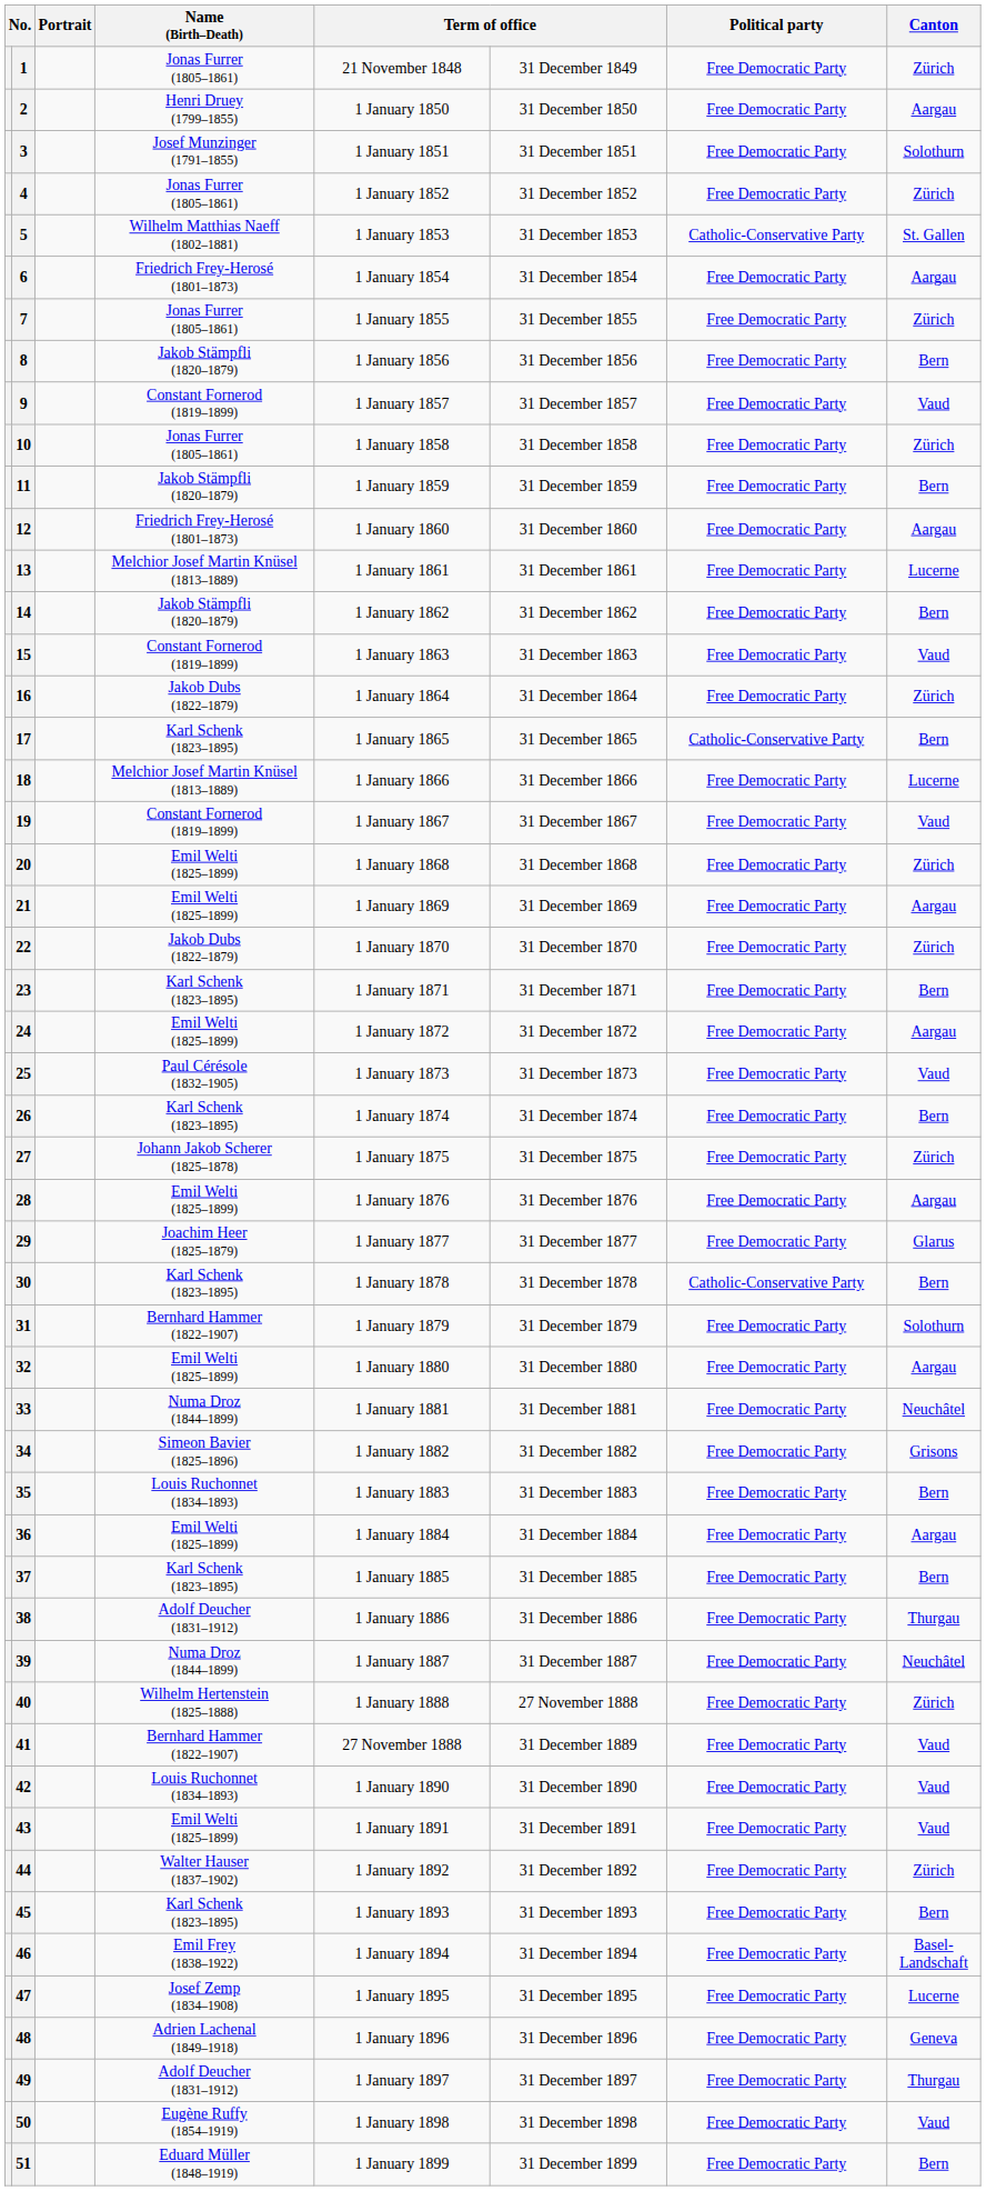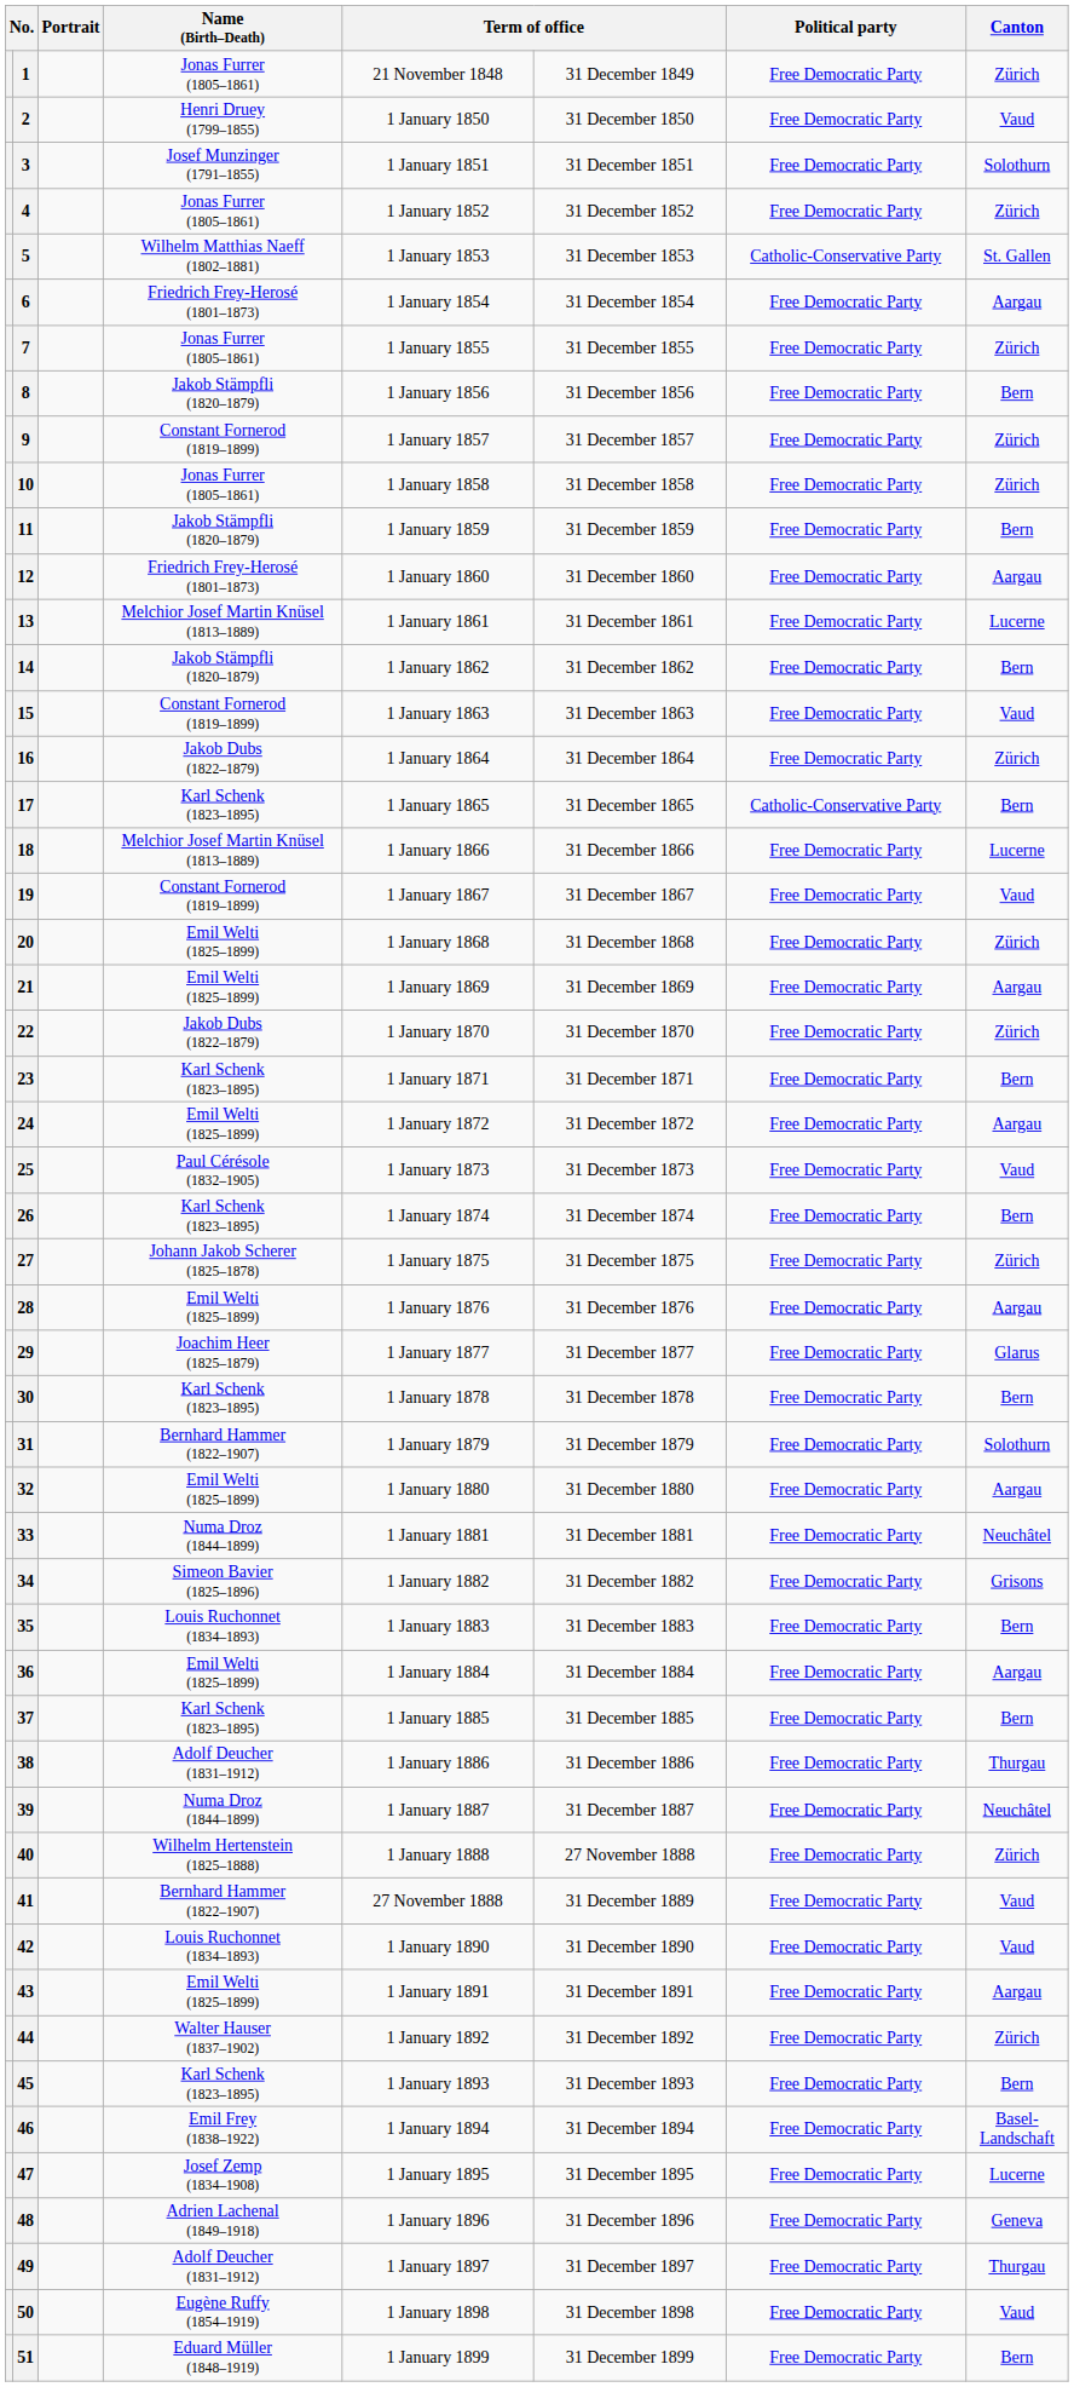 <table class="wikitable" style="width:80%; text-align:center;">
 <tr>
 <th colspan="2" width=20>No.</th>
 <th width=70>Portrait</th>
 <th width=25%>Name<br><small>(Birth–Death)</small></th>
 <th colspan="2" width=40%>Term of office</th>
 <th width=25%>Political party</th>
 <th width=15%><a href='#'>Canton</a></th>
 </tr>
 <tr>
 <th style="background:"></th>
 <th>1</th>
 <td></td>
 <td><a href='#'>Jonas Furrer</a><br><small>(1805–1861)</small></td>
 <td>21 November 1848</td>
 <td>31 December 1849</td>
 <td><a href='#'>Free Democratic Party</a></td>
 <td><a href='#'>Zürich</a></td>
 </tr>
 <tr>
 <th style="background:"></th>
 <th>2</th>
 <td></td>
 <td><a href='#'>Henri Druey</a><br><small>(1799–1855)</small></td>
 <td>1 January 1850</td>
 <td>31 December 1850</td>
 <td><a href='#'>Free Democratic Party</a></td>
-<td><a href='#'>Aargau</a></td>
+<td><a href='#'>Vaud</a></td>
 </tr>
 <tr>
 <th style="background:"></th>
 <th>3</th>
 <td></td>
 <td><a href='#'>Josef Munzinger</a><br><small>(1791–1855)</small></td>
 <td>1 January 1851</td>
 <td>31 December 1851</td>
 <td><a href='#'>Free Democratic Party</a></td>
 <td><a href='#'>Solothurn</a></td>
 </tr>
 <tr>
 <th style="background:"></th>
 <th>4</th>
 <td></td>
 <td><a href='#'>Jonas Furrer</a><br><small>(1805–1861)</small></td>
 <td>1 January 1852</td>
 <td>31 December 1852</td>
 <td><a href='#'>Free Democratic Party</a></td>
 <td><a href='#'>Zürich</a></td>
 </tr>
 <tr>
 <th style="background:"></th>
 <th>5</th>
 <td></td>
 <td><a href='#'>Wilhelm Matthias Naeff</a><br><small>(1802–1881)</small></td>
 <td>1 January 1853</td>
 <td>31 December 1853</td>
 <td><a href='#'>Catholic-Conservative Party</a></td>
 <td><a href='#'>St. Gallen</a></td>
 </tr>
 <tr>
 <th style="background:"></th>
 <th>6</th>
 <td></td>
 <td><a href='#'>Friedrich Frey-Herosé</a><br><small>(1801–1873)</small></td>
 <td>1 January 1854</td>
 <td>31 December 1854</td>
 <td><a href='#'>Free Democratic Party</a></td>
 <td><a href='#'>Aargau</a></td>
 </tr>
 <tr>
 <th style="background:"></th>
 <th>7</th>
 <td></td>
 <td><a href='#'>Jonas Furrer</a><br><small>(1805–1861)</small></td>
 <td>1 January 1855</td>
 <td>31 December 1855</td>
 <td><a href='#'>Free Democratic Party</a></td>
 <td><a href='#'>Zürich</a></td>
 </tr>
 <tr>
 <th style="background:"></th>
 <th>8</th>
 <td></td>
 <td><a href='#'>Jakob Stämpfli</a><br><small>(1820–1879)</small></td>
 <td>1 January 1856</td>
 <td>31 December 1856</td>
 <td><a href='#'>Free Democratic Party</a></td>
 <td><a href='#'>Bern</a></td>
 </tr>
 <tr>
 <th style="background:"></th>
 <th>9</th>
 <td></td>
 <td><a href='#'>Constant Fornerod</a><br><small>(1819–1899)</small></td>
 <td>1 January 1857</td>
 <td>31 December 1857</td>
 <td><a href='#'>Free Democratic Party</a></td>
-<td><a href='#'>Vaud</a></td>
+<td><a href='#'>Zürich</a></td>
 </tr>
 <tr>
 <th style="background:"></th>
 <th>10</th>
 <td></td>
 <td><a href='#'>Jonas Furrer</a><br><small>(1805–1861)</small></td>
 <td>1 January 1858</td>
 <td>31 December 1858</td>
 <td><a href='#'>Free Democratic Party</a></td>
 <td><a href='#'>Zürich</a></td>
 </tr>
 <tr>
 <th style="background:"></th>
 <th>11</th>
 <td></td>
 <td><a href='#'>Jakob Stämpfli</a><br><small>(1820–1879)</small></td>
 <td>1 January 1859</td>
 <td>31 December 1859</td>
 <td><a href='#'>Free Democratic Party</a></td>
 <td><a href='#'>Bern</a></td>
 </tr>
 <tr>
 <th style="background:"></th>
 <th>12</th>
 <td></td>
 <td><a href='#'>Friedrich Frey-Herosé</a><br><small>(1801–1873)</small></td>
 <td>1 January 1860</td>
 <td>31 December 1860</td>
 <td><a href='#'>Free Democratic Party</a></td>
 <td><a href='#'>Aargau</a></td>
 </tr>
 <tr>
 <th style="background:"></th>
 <th>13</th>
 <td></td>
 <td><a href='#'>Melchior Josef Martin Knüsel</a><br><small>(1813–1889)</small></td>
 <td>1 January 1861</td>
 <td>31 December 1861</td>
 <td><a href='#'>Free Democratic Party</a></td>
 <td><a href='#'>Lucerne</a></td>
 </tr>
 <tr>
 <th style="background:"></th>
 <th>14</th>
 <td></td>
 <td><a href='#'>Jakob Stämpfli</a><br><small>(1820–1879)</small></td>
 <td>1 January 1862</td>
 <td>31 December 1862</td>
 <td><a href='#'>Free Democratic Party</a></td>
 <td><a href='#'>Bern</a></td>
 </tr>
 <tr>
 <th style="background:"></th>
 <th>15</th>
 <td></td>
 <td><a href='#'>Constant Fornerod</a><br><small>(1819–1899)</small></td>
 <td>1 January 1863</td>
 <td>31 December 1863</td>
 <td><a href='#'>Free Democratic Party</a></td>
 <td><a href='#'>Vaud</a></td>
 </tr>
 <tr>
 <th style="background:"></th>
 <th>16</th>
 <td></td>
 <td><a href='#'>Jakob Dubs</a><br><small>(1822–1879)</small></td>
 <td>1 January 1864</td>
 <td>31 December 1864</td>
 <td><a href='#'>Free Democratic Party</a></td>
 <td><a href='#'>Zürich</a></td>
 </tr>
 <tr>
 <th style="background:"></th>
 <th>17</th>
 <td></td>
 <td><a href='#'>Karl Schenk</a><br><small>(1823–1895)</small></td>
 <td>1 January 1865</td>
 <td>31 December 1865</td>
 <td><a href='#'>Catholic-Conservative Party</a></td>
 <td><a href='#'>Bern</a></td>
 </tr>
 <tr>
 <th style="background:"></th>
 <th>18</th>
 <td></td>
 <td><a href='#'>Melchior Josef Martin Knüsel</a><br><small>(1813–1889)</small></td>
 <td>1 January 1866</td>
 <td>31 December 1866</td>
 <td><a href='#'>Free Democratic Party</a></td>
 <td><a href='#'>Lucerne</a></td>
 </tr>
 <tr>
 <th style="background:"></th>
 <th>19</th>
 <td></td>
 <td><a href='#'>Constant Fornerod</a><br><small>(1819–1899)</small></td>
 <td>1 January 1867</td>
 <td>31 December 1867</td>
 <td><a href='#'>Free Democratic Party</a></td>
 <td><a href='#'>Vaud</a></td>
 </tr>
 <tr>
 <th style="background:"></th>
 <th>20</th>
 <td></td>
 <td><a href='#'>Emil Welti</a><br><small>(1825–1899)</small></td>
 <td>1 January 1868</td>
 <td>31 December 1868</td>
 <td><a href='#'>Free Democratic Party</a></td>
 <td><a href='#'>Zürich</a></td>
 </tr>
 <tr>
 <th style="background:"></th>
 <th>21</th>
 <td></td>
 <td><a href='#'>Emil Welti</a><br><small>(1825–1899)</small></td>
 <td>1 January 1869</td>
 <td>31 December 1869</td>
 <td><a href='#'>Free Democratic Party</a></td>
 <td><a href='#'>Aargau</a></td>
 </tr>
 <tr>
 <th style="background:"></th>
 <th>22</th>
 <td></td>
 <td><a href='#'>Jakob Dubs</a><br><small>(1822–1879)</small></td>
 <td>1 January 1870</td>
 <td>31 December 1870</td>
 <td><a href='#'>Free Democratic Party</a></td>
 <td><a href='#'>Zürich</a></td>
 </tr>
 <tr>
 <th style="background:"></th>
 <th>23</th>
 <td></td>
 <td><a href='#'>Karl Schenk</a><br><small>(1823–1895)</small></td>
 <td>1 January 1871</td>
 <td>31 December 1871</td>
 <td><a href='#'>Free Democratic Party</a></td>
 <td><a href='#'>Bern</a></td>
 </tr>
 <tr>
 <th style="background:"></th>
 <th>24</th>
 <td></td>
 <td><a href='#'>Emil Welti</a><br><small>(1825–1899)</small></td>
 <td>1 January 1872</td>
 <td>31 December 1872</td>
 <td><a href='#'>Free Democratic Party</a></td>
 <td><a href='#'>Aargau</a></td>
 </tr>
 <tr>
 <th style="background:"></th>
 <th>25</th>
 <td></td>
 <td><a href='#'>Paul Cérésole</a><br><small>(1832–1905)</small></td>
 <td>1 January 1873</td>
 <td>31 December 1873</td>
 <td><a href='#'>Free Democratic Party</a></td>
 <td><a href='#'>Vaud</a></td>
 </tr>
 <tr>
 <th style="background:"></th>
 <th>26</th>
 <td></td>
 <td><a href='#'>Karl Schenk</a><br><small>(1823–1895)</small></td>
 <td>1 January 1874</td>
 <td>31 December 1874</td>
 <td><a href='#'>Free Democratic Party</a></td>
 <td><a href='#'>Bern</a></td>
 </tr>
 <tr>
 <th style="background:"></th>
 <th>27</th>
 <td></td>
 <td><a href='#'>Johann Jakob Scherer</a><br><small>(1825–1878)</small></td>
 <td>1 January 1875</td>
 <td>31 December 1875</td>
 <td><a href='#'>Free Democratic Party</a></td>
 <td><a href='#'>Zürich</a></td>
 </tr>
 <tr>
 <th style="background:"></th>
 <th>28</th>
 <td></td>
 <td><a href='#'>Emil Welti</a><br><small>(1825–1899)</small></td>
 <td>1 January 1876</td>
 <td>31 December 1876</td>
 <td><a href='#'>Free Democratic Party</a></td>
 <td><a href='#'>Aargau</a></td>
 </tr>
 <tr>
 <th style="background:"></th>
 <th>29</th>
 <td></td>
 <td><a href='#'>Joachim Heer</a><br><small>(1825–1879)</small></td>
 <td>1 January 1877</td>
 <td>31 December 1877</td>
 <td><a href='#'>Free Democratic Party</a></td>
 <td><a href='#'>Glarus</a></td>
 </tr>
 <tr>
 <th style="background:"></th>
 <th>30</th>
 <td></td>
 <td><a href='#'>Karl Schenk</a><br><small>(1823–1895)</small></td>
 <td>1 January 1878</td>
 <td>31 December 1878</td>
-<td><a href='#'>Catholic-Conservative Party</a></td>
+<td><a href='#'>Free Democratic Party</a></td>
 <td><a href='#'>Bern</a></td>
 </tr>
 <tr>
 <th style="background:"></th>
 <th>31</th>
 <td></td>
 <td><a href='#'>Bernhard Hammer</a><br><small>(1822–1907)</small></td>
 <td>1 January 1879</td>
 <td>31 December 1879</td>
 <td><a href='#'>Free Democratic Party</a></td>
 <td><a href='#'>Solothurn</a></td>
 </tr>
 <tr>
 <th style="background:"></th>
 <th>32</th>
 <td></td>
 <td><a href='#'>Emil Welti</a><br><small>(1825–1899)</small></td>
 <td>1 January 1880</td>
 <td>31 December 1880</td>
 <td><a href='#'>Free Democratic Party</a></td>
 <td><a href='#'>Aargau</a></td>
 </tr>
 <tr>
 <th style="background:"></th>
 <th>33</th>
 <td></td>
 <td><a href='#'>Numa Droz</a><br><small>(1844–1899)</small></td>
 <td>1 January 1881</td>
 <td>31 December 1881</td>
 <td><a href='#'>Free Democratic Party</a></td>
 <td><a href='#'>Neuchâtel</a></td>
 </tr>
 <tr>
 <th style="background:"></th>
 <th>34</th>
 <td></td>
 <td><a href='#'>Simeon Bavier</a><br><small>(1825–1896)</small></td>
 <td>1 January 1882</td>
 <td>31 December 1882</td>
 <td><a href='#'>Free Democratic Party</a></td>
 <td><a href='#'>Grisons</a></td>
 </tr>
 <tr>
 <th style="background:"></th>
 <th>35</th>
 <td></td>
 <td><a href='#'>Louis Ruchonnet</a><br><small>(1834–1893)</small></td>
 <td>1 January 1883</td>
 <td>31 December 1883</td>
 <td><a href='#'>Free Democratic Party</a></td>
 <td><a href='#'>Bern</a></td>
 </tr>
 <tr>
 <th style="background:"></th>
 <th>36</th>
 <td></td>
 <td><a href='#'>Emil Welti</a><br><small>(1825–1899)</small></td>
 <td>1 January 1884</td>
 <td>31 December 1884</td>
 <td><a href='#'>Free Democratic Party</a></td>
 <td><a href='#'>Aargau</a></td>
 </tr>
 <tr>
 <th style="background:"></th>
 <th>37</th>
 <td></td>
 <td><a href='#'>Karl Schenk</a><br><small>(1823–1895)</small></td>
 <td>1 January 1885</td>
 <td>31 December 1885</td>
 <td><a href='#'>Free Democratic Party</a></td>
 <td><a href='#'>Bern</a></td>
 </tr>
 <tr>
 <th style="background:"></th>
 <th>38</th>
 <td></td>
 <td><a href='#'>Adolf Deucher</a><br><small>(1831–1912)</small></td>
 <td>1 January 1886</td>
 <td>31 December 1886</td>
 <td><a href='#'>Free Democratic Party</a></td>
 <td><a href='#'>Thurgau</a></td>
 </tr>
 <tr>
 <th style="background:"></th>
 <th>39</th>
 <td></td>
 <td><a href='#'>Numa Droz</a><br><small>(1844–1899)</small></td>
 <td>1 January 1887</td>
 <td>31 December 1887</td>
 <td><a href='#'>Free Democratic Party</a></td>
 <td><a href='#'>Neuchâtel</a></td>
 </tr>
 <tr>
 <th style="background:"></th>
 <th>40</th>
 <td></td>
 <td><a href='#'>Wilhelm Hertenstein</a><br><small>(1825–1888)</small></td>
 <td>1 January 1888</td>
 <td>27 November 1888</td>
 <td><a href='#'>Free Democratic Party</a></td>
 <td><a href='#'>Zürich</a></td>
 </tr>
 <tr>
 <th style="background:"></th>
 <th>41</th>
 <td></td>
 <td><a href='#'>Bernhard Hammer</a><br><small>(1822–1907)</small></td>
 <td>27 November 1888</td>
 <td>31 December 1889</td>
 <td><a href='#'>Free Democratic Party</a></td>
 <td><a href='#'>Vaud</a></td>
 </tr>
 <tr>
 <th style="background:"></th>
 <th>42</th>
 <td></td>
 <td><a href='#'>Louis Ruchonnet</a><br><small>(1834–1893)</small></td>
 <td>1 January 1890</td>
 <td>31 December 1890</td>
 <td><a href='#'>Free Democratic Party</a></td>
 <td><a href='#'>Vaud</a></td>
 </tr>
 <tr>
 <th style="background:"></th>
 <th>43</th>
 <td></td>
 <td><a href='#'>Emil Welti</a><br><small>(1825–1899)</small></td>
 <td>1 January 1891</td>
 <td>31 December 1891</td>
 <td><a href='#'>Free Democratic Party</a></td>
-<td><a href='#'>Vaud</a></td>
+<td><a href='#'>Aargau</a></td>
 </tr>
 <tr>
 <th style="background:"></th>
 <th>44</th>
 <td></td>
 <td><a href='#'>Walter Hauser</a><br><small>(1837–1902)</small></td>
 <td>1 January 1892</td>
 <td>31 December 1892</td>
 <td><a href='#'>Free Democratic Party</a></td>
 <td><a href='#'>Zürich</a></td>
 </tr>
 <tr>
 <th style="background:"></th>
 <th>45</th>
 <td></td>
 <td><a href='#'>Karl Schenk</a><br><small>(1823–1895)</small></td>
 <td>1 January 1893</td>
 <td>31 December 1893</td>
 <td><a href='#'>Free Democratic Party</a></td>
 <td><a href='#'>Bern</a></td>
 </tr>
 <tr>
 <th style="background:"></th>
 <th>46</th>
 <td></td>
 <td><a href='#'>Emil Frey</a><br><small>(1838–1922)</small></td>
 <td>1 January 1894</td>
 <td>31 December 1894</td>
 <td><a href='#'>Free Democratic Party</a></td>
 <td><a href='#'>Basel-Landschaft</a></td>
 </tr>
 <tr>
 <th style="background:"></th>
 <th>47</th>
 <td></td>
 <td><a href='#'>Josef Zemp</a><br><small>(1834–1908)</small></td>
 <td>1 January 1895</td>
 <td>31 December 1895</td>
 <td><a href='#'>Free Democratic Party</a></td>
 <td><a href='#'>Lucerne</a></td>
 </tr>
 <tr>
 <th style="background:"></th>
 <th>48</th>
 <td></td>
 <td><a href='#'>Adrien Lachenal</a><br><small>(1849–1918)</small></td>
 <td>1 January 1896</td>
 <td>31 December 1896</td>
 <td><a href='#'>Free Democratic Party</a></td>
 <td><a href='#'>Geneva</a></td>
 </tr>
 <tr>
 <th style="background:"></th>
 <th>49</th>
 <td></td>
 <td><a href='#'>Adolf Deucher</a><br><small>(1831–1912)</small></td>
 <td>1 January 1897</td>
 <td>31 December 1897</td>
 <td><a href='#'>Free Democratic Party</a></td>
 <td><a href='#'>Thurgau</a></td>
 </tr>
 <tr>
 <th style="background:"></th>
 <th>50</th>
 <td></td>
 <td><a href='#'>Eugène Ruffy</a><br><small>(1854–1919)</small></td>
 <td>1 January 1898</td>
 <td>31 December 1898</td>
 <td><a href='#'>Free Democratic Party</a></td>
 <td><a href='#'>Vaud</a></td>
 </tr>
 <tr>
 <th style="background:"></th>
 <th>51</th>
 <td></td>
 <td><a href='#'>Eduard Müller</a><br><small>(1848–1919)</small></td>
 <td>1 January 1899</td>
 <td>31 December 1899</td>
 <td><a href='#'>Free Democratic Party</a></td>
 <td><a href='#'>Bern</a></td>
 </tr>
 </table>
